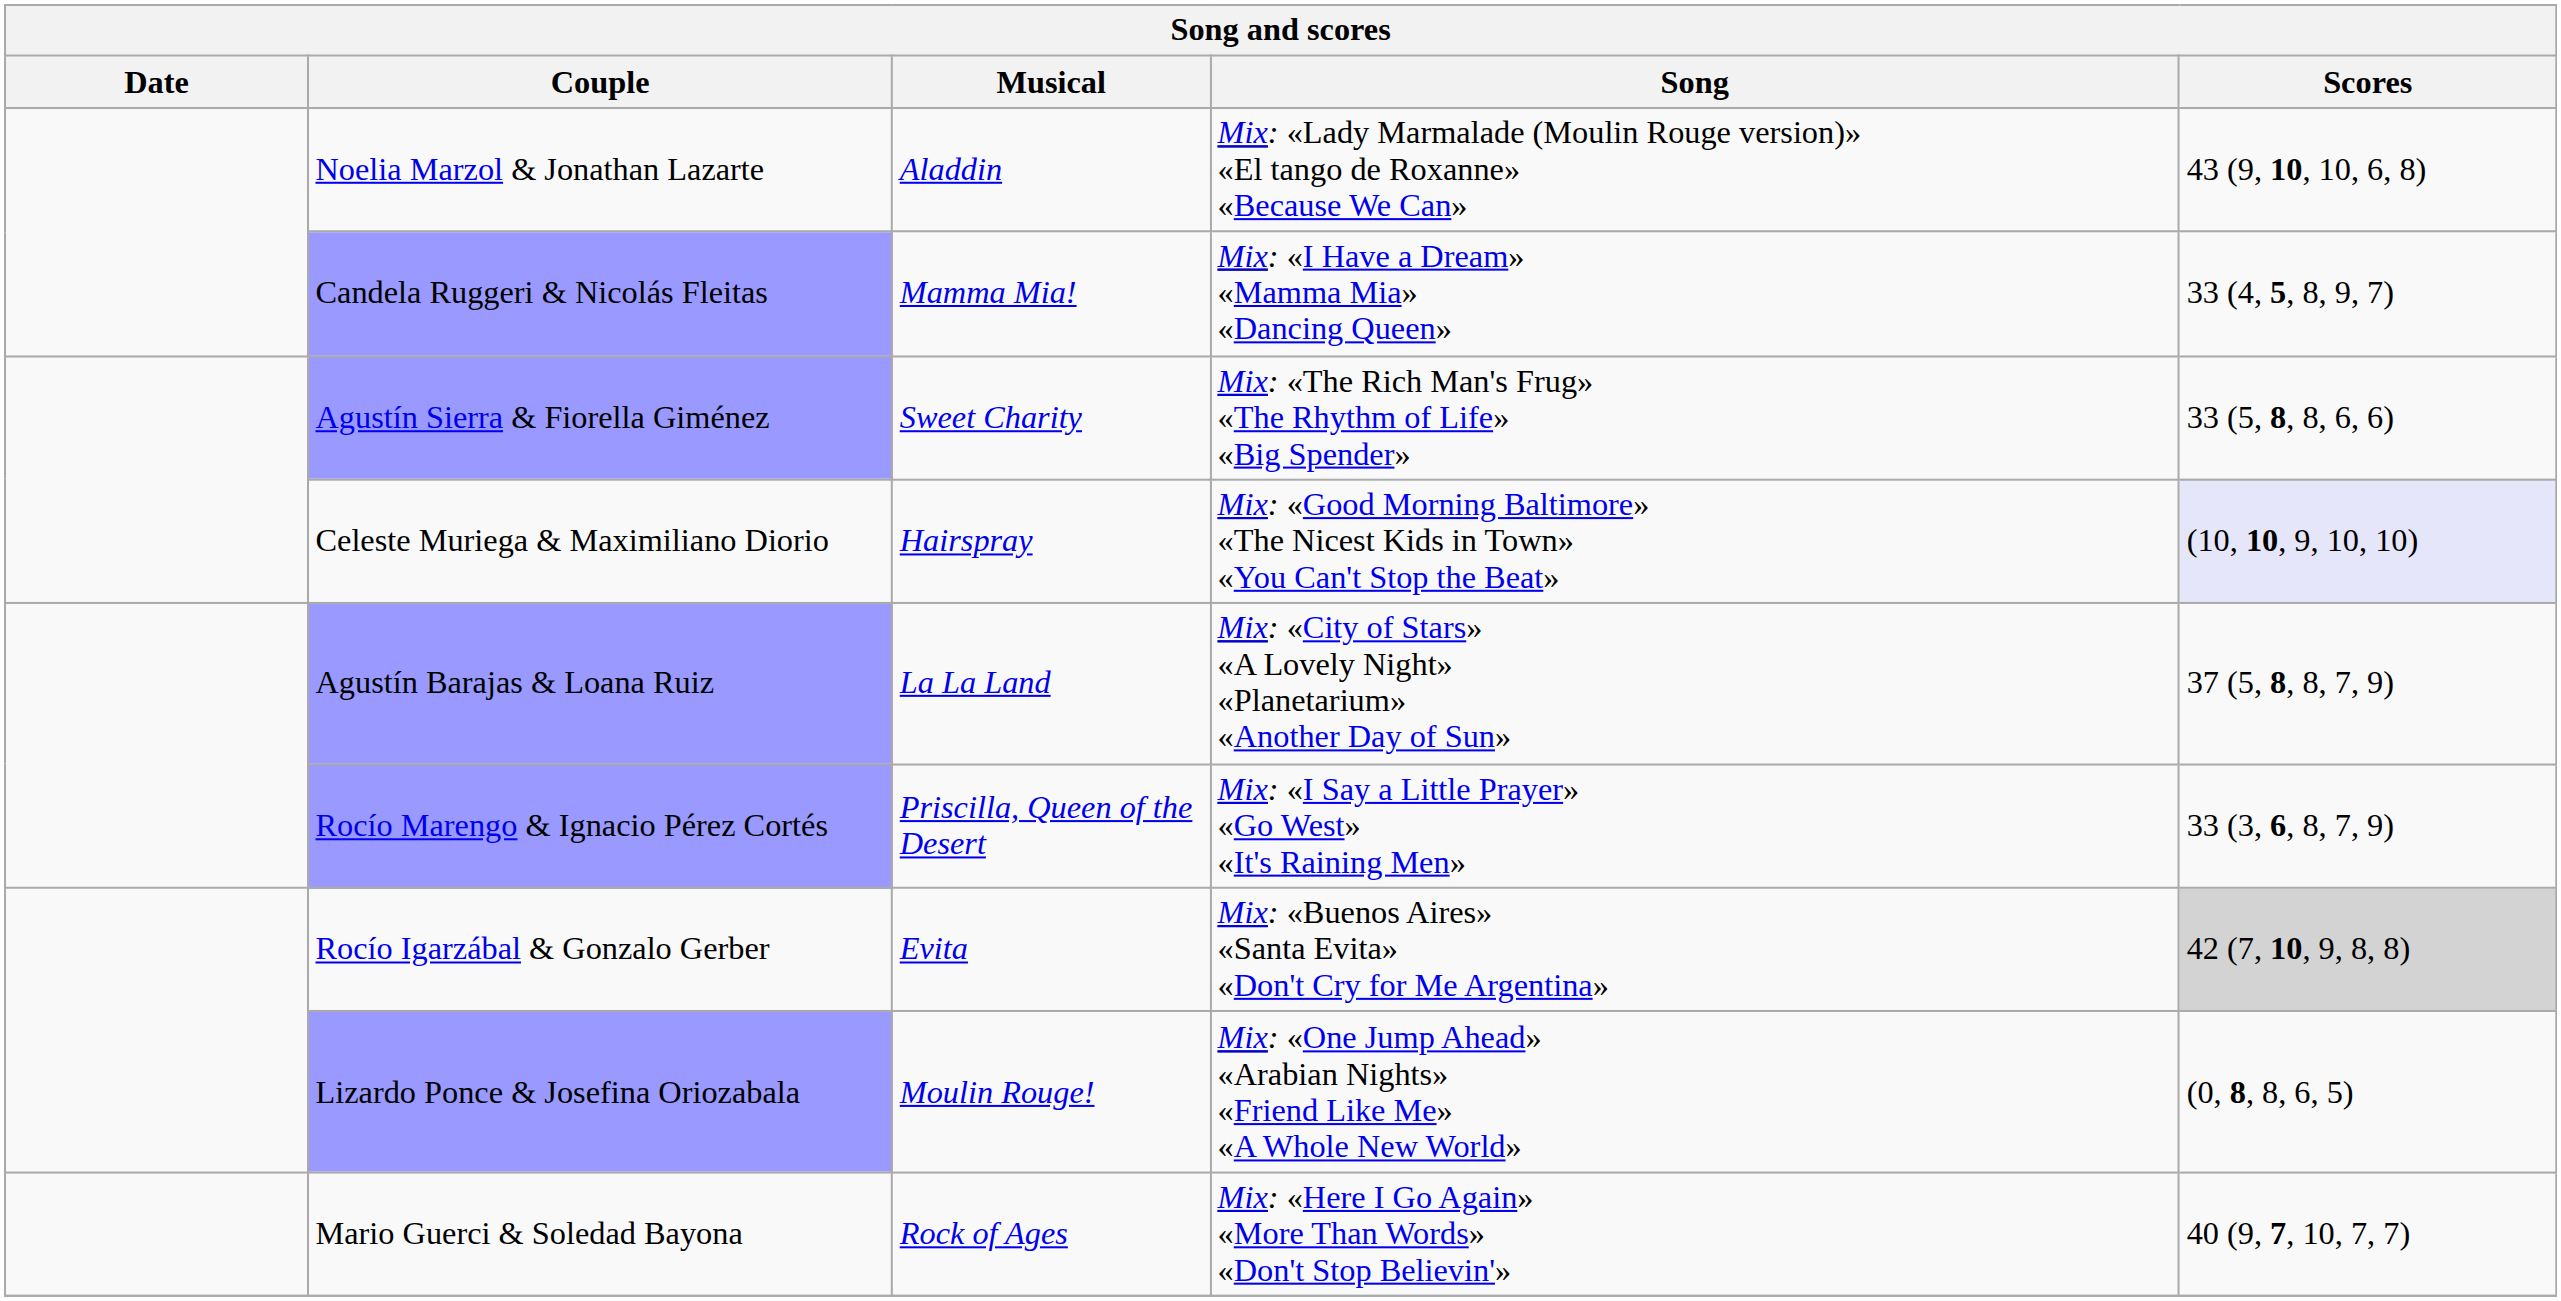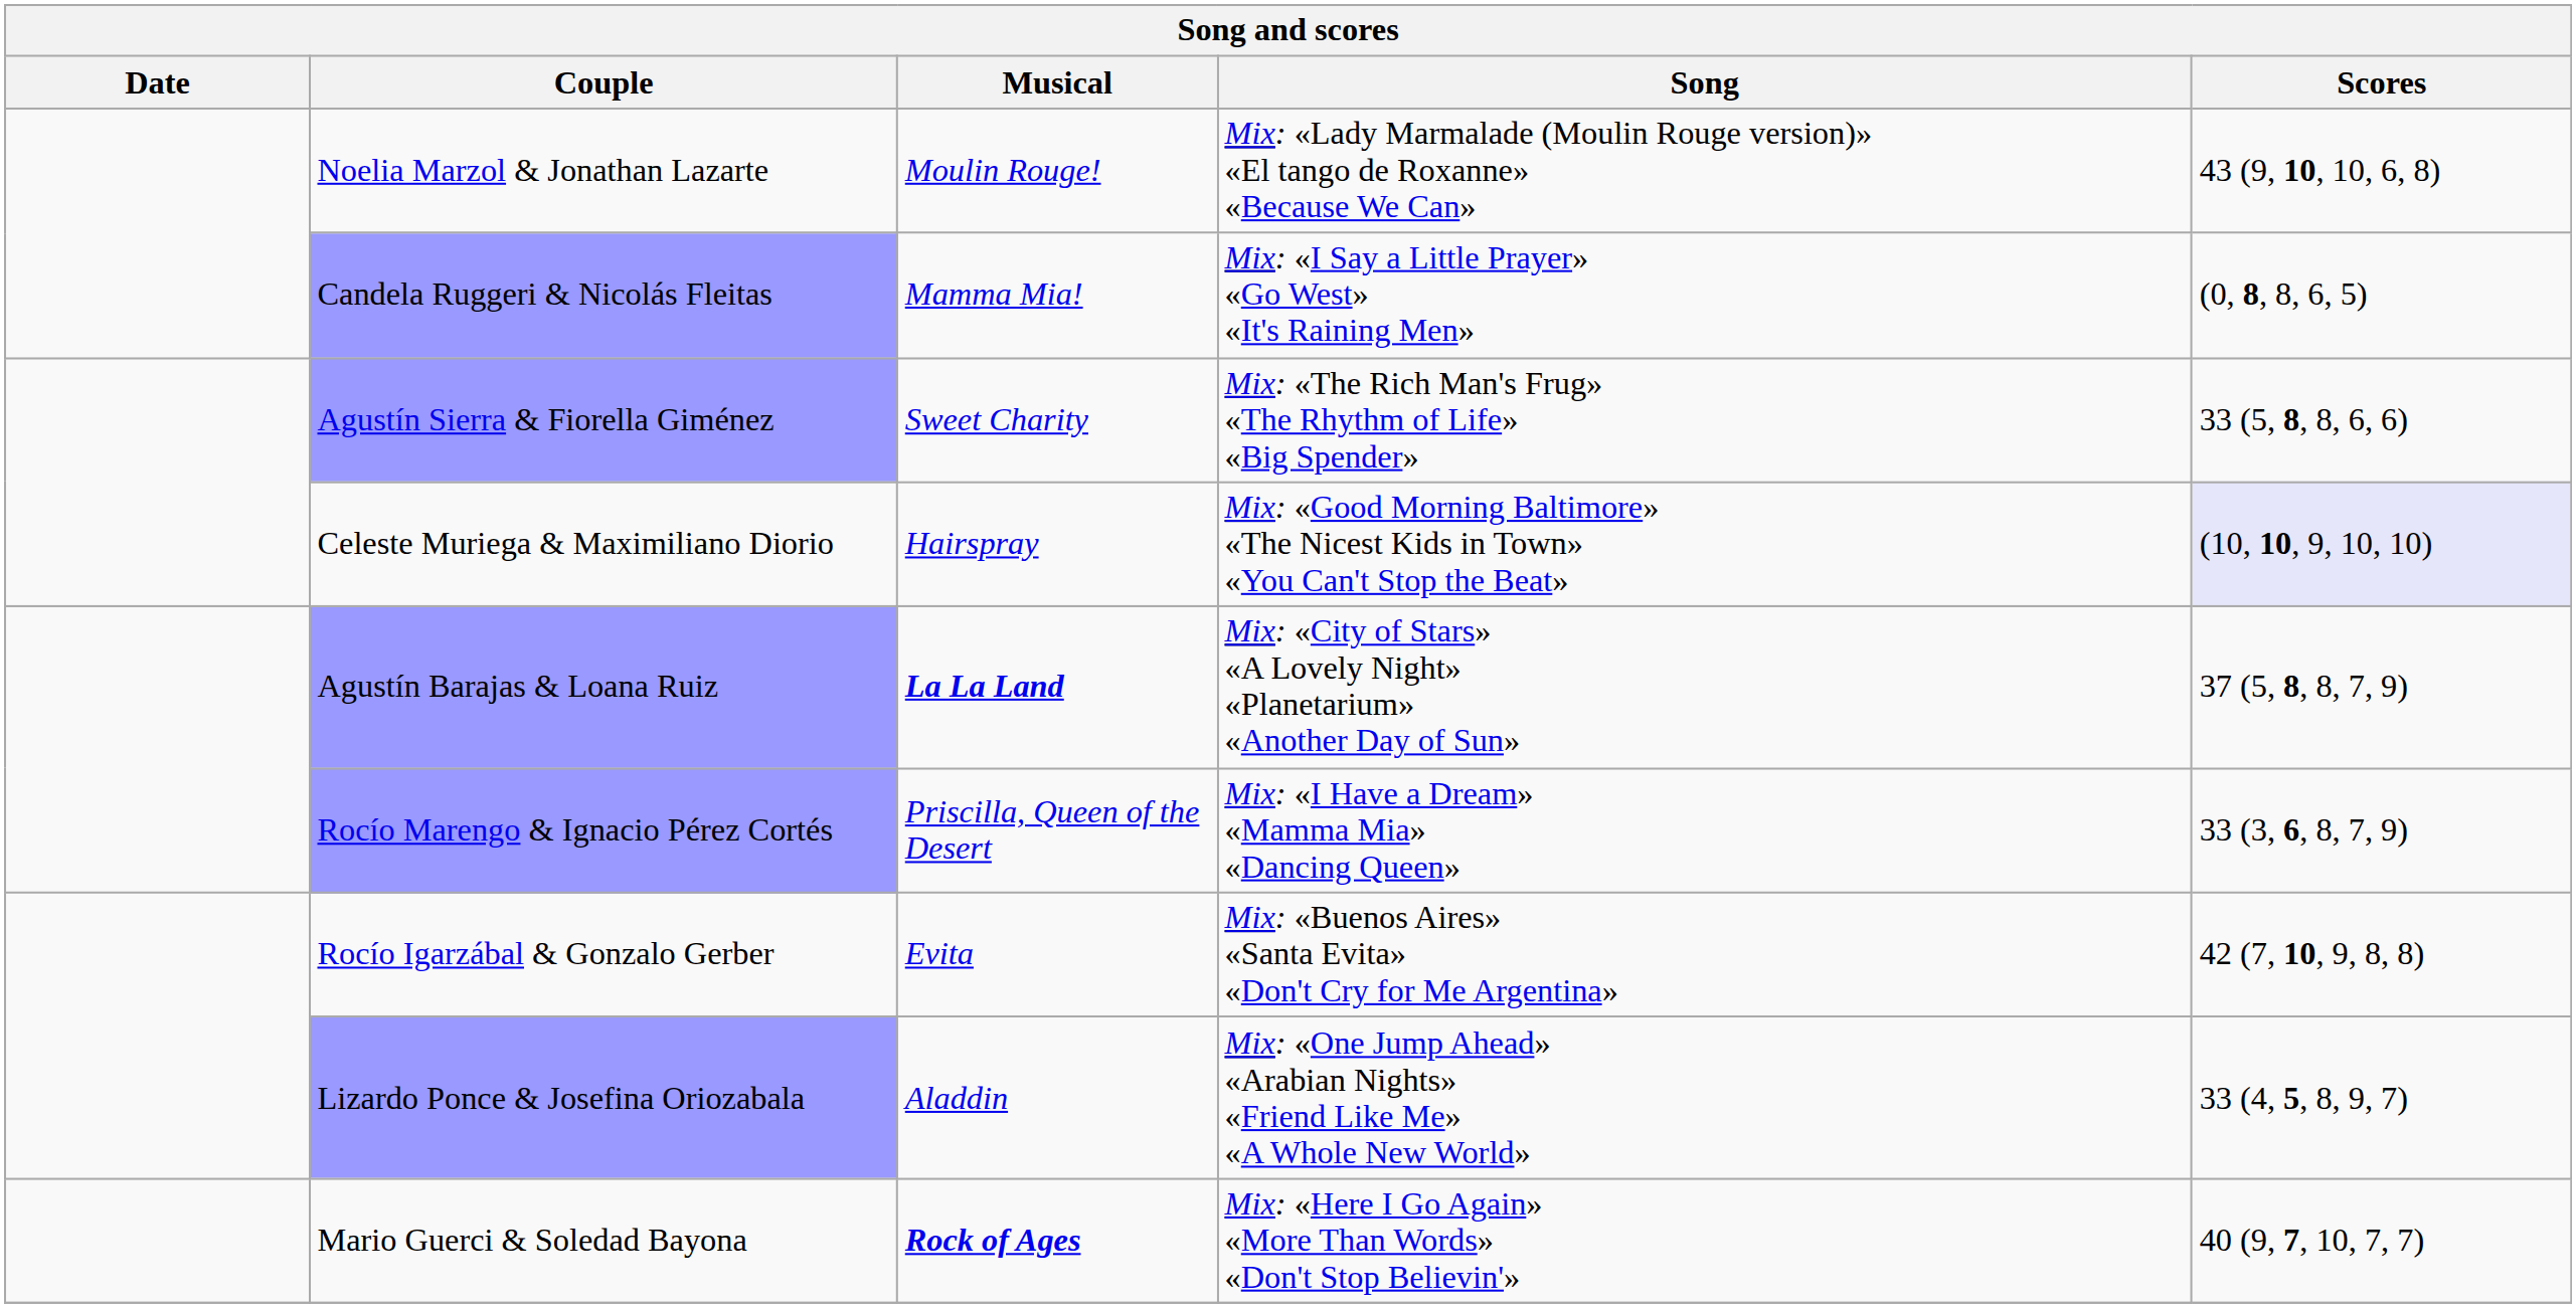 <table class="wikitable collapsible collapsed" style="text-align: align; width: 100%;">
 <tr>
 <th colspan="11" style="with: 100%;" align="center">Song and scores</th>
 </tr>
 <tr>
 <th width=95>Date</th>
 <th width=190>Couple</th>
 <th width=100>Musical</th>
 <th width=320>Song</th>
 <th width=120>Scores</th>
 </tr>
 <tr>
 <td rowspan="2"></td>
 <td><a href='#'>Noelia Marzol</a> & Jonathan Lazarte</td>
-<td><em><a href='#'>Aladdin</a></em></td>
+<td><em><a href='#'>Moulin Rouge!</a></em></td>
 <td><em><u><a href='#'>Mix</a></u>:</em> «Lady Marmalade (Moulin Rouge version)» <br>«El tango de Roxanne» <br>«<a href='#'>Because We Can</a>» </td>
 <td>43 (9, <strong>10</strong>, 10, 6, 8)</td>
 </tr>
 <tr>
 <td bgcolor="#9999FF">Candela Ruggeri & Nicolás Fleitas</td>
 <td><em><a href='#'>Mamma Mia!</a></em></td>
-<td><em><u><a href='#'>Mix</a></u>:</em> «<a href='#'>I Have a Dream</a>»<br>«<a href='#'>Mamma Mia</a>»<br>«<a href='#'>Dancing Queen</a>» </td>
-<td>33 (4, <strong>5</strong>, 8, 9, 7)</td>
+<td><em><u><a href='#'>Mix</a></u>:</em> «<a href='#'>I Say a Little Prayer</a>» <br>«<a href='#'>Go West</a>» <br>«<a href='#'>It's Raining Men</a>» </td>
+<td> (0, <strong>8</strong>, 8, 6, 5)</td>
 </tr>
 <tr>
 <td rowspan="2"></td>
 <td bgcolor="#9999FF"><a href='#'>Agustín Sierra</a> & Fiorella Giménez</td>
 <td><em><a href='#'>Sweet Charity</a></em></td>
 <td><em><u><a href='#'>Mix</a></u>:</em> «The Rich Man's Frug» <br>«<a href='#'>The Rhythm of Life</a>» <br>«<a href='#'>Big Spender</a>» </td>
 <td>33 (5, <strong>8</strong>, 8, 6, 6)</td>
 </tr>
 <tr>
 <td>Celeste Muriega & Maximiliano Diorio</td>
 <td><em><a href='#'>Hairspray</a></em></td>
 <td><em><u><a href='#'>Mix</a></u>:</em> «<a href='#'>Good Morning Baltimore</a>» <br>«The Nicest Kids in Town» <br>«<a href='#'>You Can't Stop the Beat</a>» </td>
 <td style="background: lavender;"> (10, <strong>10</strong>, 9, 10, 10)</td>
 </tr>
 <tr>
 <td rowspan="2"></td>
 <td bgcolor="#9999FF">Agustín Barajas & Loana Ruiz</td>
-<td><em><a href='#'>La La Land</a></em></td>
+<td><strong><em><a href='#'>La La Land</a></em></strong></td>
 <td><em><u><a href='#'>Mix</a></u>:</em> «<a href='#'>City of Stars</a>»<br>«A Lovely Night» <br>«Planetarium» <br>«<a href='#'>Another Day of Sun</a>» </td>
 <td>37 (5, <strong>8</strong>, 8, 7, 9)</td>
 </tr>
 <tr>
 <td bgcolor="#9999FF"><a href='#'>Rocío Marengo</a> & Ignacio Pérez Cortés</td>
 <td><em><a href='#'>Priscilla, Queen of the Desert</a></em></td>
-<td><em><u><a href='#'>Mix</a></u>:</em> «<a href='#'>I Say a Little Prayer</a>» <br>«<a href='#'>Go West</a>» <br>«<a href='#'>It's Raining Men</a>» </td>
+<td><em><u><a href='#'>Mix</a></u>:</em> «<a href='#'>I Have a Dream</a>»<br>«<a href='#'>Mamma Mia</a>»<br>«<a href='#'>Dancing Queen</a>» </td>
 <td>33 (3, <strong>6</strong>, 8, 7, 9)</td>
 </tr>
 <tr>
 <td rowspan="2"></td>
 <td><a href='#'>Rocío Igarzábal</a> & Gonzalo Gerber</td>
 <td><em><a href='#'>Evita</a></em></td>
 <td><em><u><a href='#'>Mix</a></u>:</em> «Buenos Aires» <br>«Santa Evita» <br>«<a href='#'>Don't Cry for Me Argentina</a>» </td>
-<td style="background: lightgrey;">42 (7, <strong>10</strong>, 9, 8, 8)</td>
+<td>42 (7, <strong>10</strong>, 9, 8, 8)</td>
 </tr>
 <tr>
 <td bgcolor="#9999FF">Lizardo Ponce & Josefina Oriozabala</td>
-<td><em><a href='#'>Moulin Rouge!</a></em></td>
+<td><em><a href='#'>Aladdin</a></em></td>
 <td><em><u><a href='#'>Mix</a></u>:</em> «<a href='#'>One Jump Ahead</a>» <br>«Arabian Nights» <br>«<a href='#'>Friend Like Me</a>» <br>«<a href='#'>A Whole New World</a>» </td>
-<td> (0, <strong>8</strong>, 8, 6, 5)</td>
+<td>33 (4, <strong>5</strong>, 8, 9, 7)</td>
 </tr>
 <tr>
 <td></td>
 <td>Mario Guerci & Soledad Bayona</td>
-<td><em><a href='#'>Rock of Ages</a></em></td>
+<td><strong><em><a href='#'>Rock of Ages</a></em></strong></td>
 <td><em><u><a href='#'>Mix</a></u>:</em> «<a href='#'>Here I Go Again</a>» <br>«<a href='#'>More Than Words</a>» <br>«<a href='#'>Don't Stop Believin'</a>» </td>
 <td>40 (9, <strong>7</strong>, 10, 7, 7)</td>
 </tr>
 <tr>
 </tr>
 </table>
